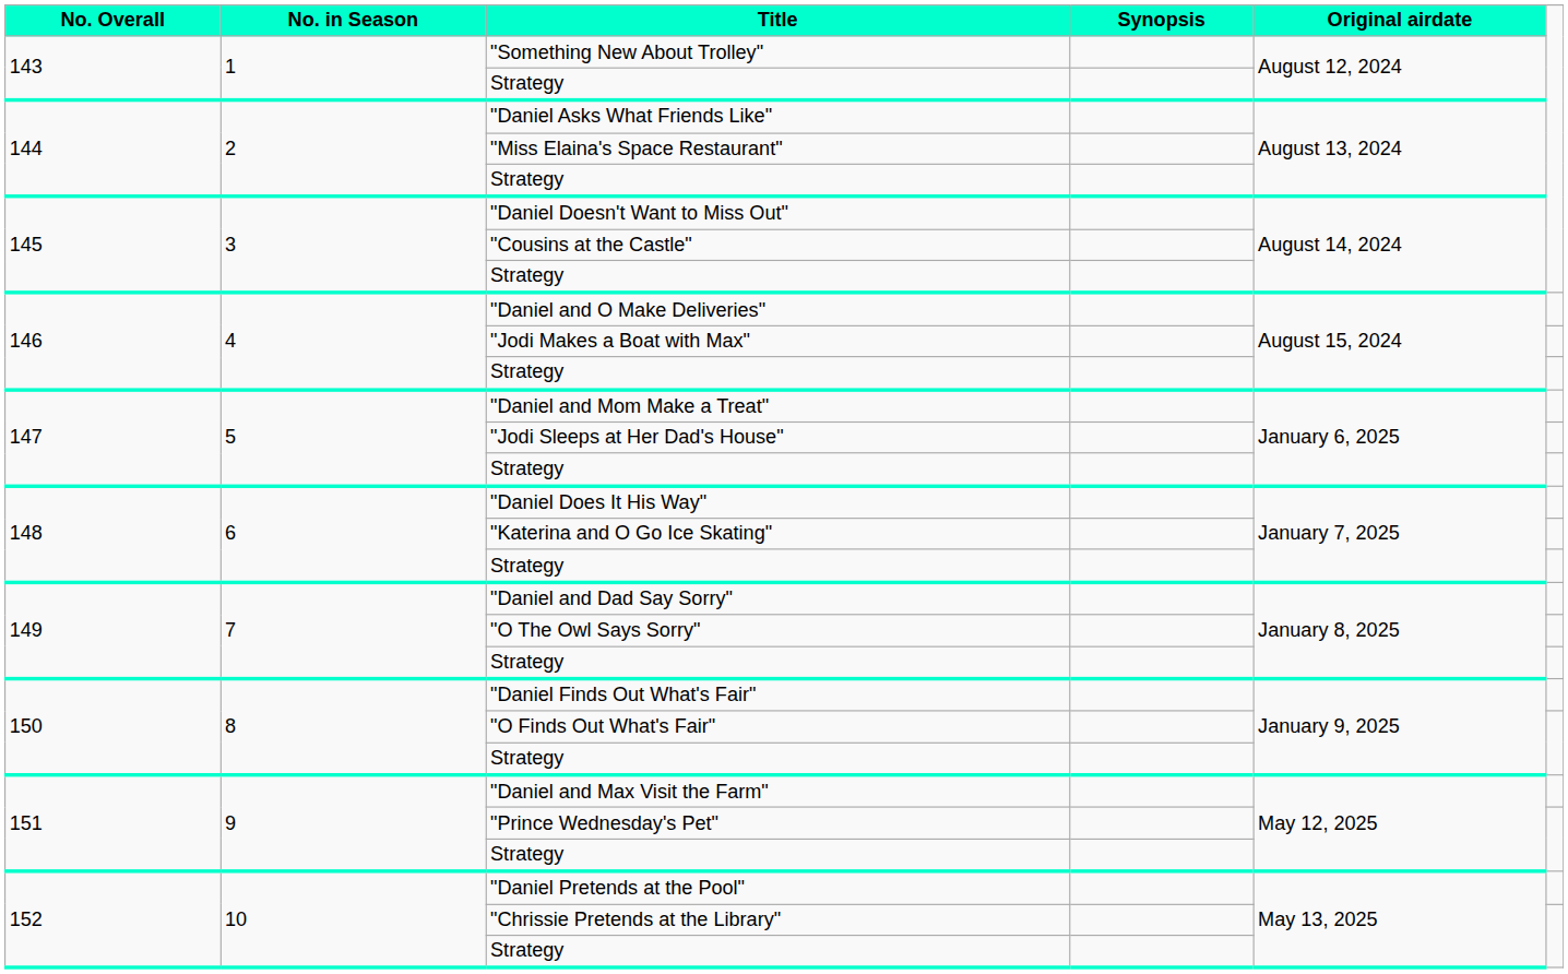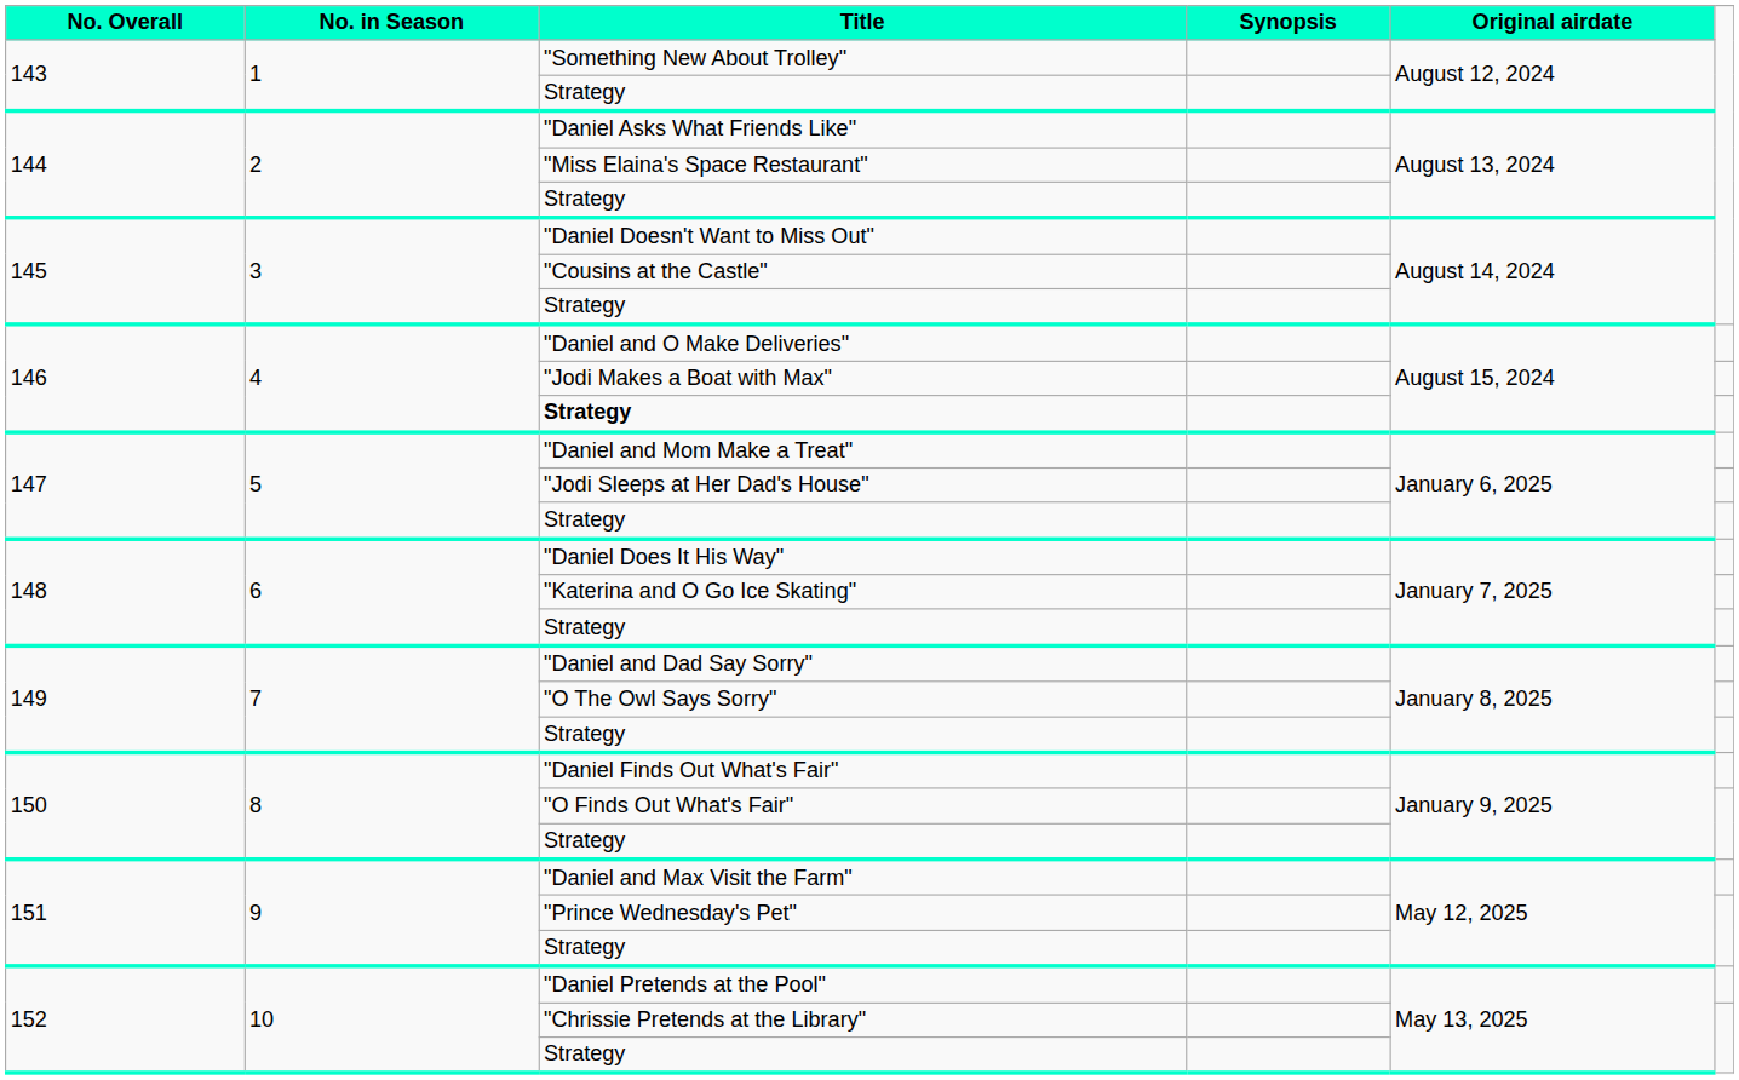 <table style="width:100%;" class="wikitable plainrowheaders">
 <tr>
 <th style="background:#00FFCC;">No. Overall</th>
 <th style="background:#00FFCC;">No. in Season</th>
 <th style="background:#00FFCC;">Title</th>
 <th style="background:#00FFCC;">Synopsis</th>
 <th style="background:#00FFCC;">Original airdate</th>
 </tr>
 <tr>
 <td rowspan="2" style="border-bottom: 3px solid #00FFCC">143</td>
 <td rowspan="2" style="border-bottom: 3px solid #00FFCC">1</td>
 <td style="white-space:nowrap">"Something New About Trolley"</td>
 <td></td>
 <td rowspan="2" style="border-bottom: 3px solid #00FFCC;">August 12, 2024</td>
 </tr>
 <tr>
 <td style="border-bottom: 3px solid #00FFCC;">Strategy</td>
 <td style="border-bottom: 3px solid #00FFCC;"></td>
 </tr>
 <tr>
 <td rowspan="3" style="border-bottom: 3px solid #00FFCC">144</td>
 <td rowspan="3" style="border-bottom: 3px solid #00FFCC">2</td>
 <td style="white-space:nowrap">"Daniel Asks What Friends Like"</td>
 <td></td>
 <td rowspan="3" style="border-bottom: 3px solid #00FFCC;">August 13, 2024</td>
 </tr>
 <tr>
 <td>"Miss Elaina's Space Restaurant"</td>
 <td></td>
 </tr>
 <tr>
 <td style="border-bottom: 3px solid #00FFCC;">Strategy</td>
 <td style="border-bottom: 3px solid #00FFCC;"></td>
 </tr>
 <tr>
 <td rowspan="3" style="border-bottom: 3px solid #00FFCC">145</td>
 <td rowspan="3" style="border-bottom: 3px solid #00FFCC">3</td>
 <td style="white-space:nowrap">"Daniel Doesn't Want to Miss Out"</td>
 <td></td>
 <td rowspan="3" style="border-bottom: 3px solid #00FFCC;">August 14, 2024</td>
 </tr>
 <tr>
 <td>"Cousins at the Castle"</td>
 <td></td>
 </tr>
 <tr>
 <td style="border-bottom: 3px solid #00FFCC;">Strategy</td>
 <td style="border-bottom: 3px solid #00FFCC;"></td>
 </tr>
 <tr>
 <td rowspan="3" style="border-bottom: 3px solid #00FFCC">146</td>
 <td rowspan="3" style="border-bottom: 3px solid #00FFCC">4</td>
 <td style="white-space:nowrap">"Daniel and O Make Deliveries"</td>
 <td></td>
 <td rowspan="3" style="border-bottom: 3px solid #00FFCC;">August 15, 2024</td>
 <td></td>
 </tr>
 <tr>
 <td>"Jodi Makes a Boat with Max"</td>
 <td></td>
 </tr>
 <tr>
-<td style="border-bottom: 3px solid #00FFCC;">Strategy</td>
+<td style="border-bottom: 3px solid #00FFCC;"><strong>Strategy</strong></td>
 <td style="border-bottom: 3px solid #00FFCC;"></td>
 <td></td>
 </tr>
 <tr>
 <td rowspan="3" style="border-bottom: 3px solid #00FFCC">147</td>
 <td rowspan="3" style="border-bottom: 3px solid #00FFCC">5</td>
 <td style="white-space:nowrap">"Daniel and Mom Make a Treat"</td>
 <td></td>
 <td rowspan="3" style="border-bottom: 3px solid #00FFCC;">January 6, 2025</td>
 <td></td>
 </tr>
 <tr>
 <td>"Jodi Sleeps at Her Dad's House"</td>
 <td></td>
 </tr>
 <tr>
 <td style="border-bottom: 3px solid #00FFCC;">Strategy</td>
 <td style="border-bottom: 3px solid #00FFCC;"></td>
 <td></td>
 </tr>
 <tr>
 <td rowspan="3" style="border-bottom: 3px solid #00FFCC">148</td>
 <td rowspan="3" style="border-bottom: 3px solid #00FFCC">6</td>
 <td style="white-space:nowrap">"Daniel Does It His Way"</td>
 <td></td>
 <td rowspan="3" style="border-bottom: 3px solid #00FFCC;">January 7, 2025</td>
 <td></td>
 </tr>
 <tr>
 <td>"Katerina and O Go Ice Skating"</td>
 <td></td>
 </tr>
 <tr>
 <td style="border-bottom: 3px solid #00FFCC;">Strategy</td>
 <td style="border-bottom: 3px solid #00FFCC;"></td>
 <td></td>
 </tr>
 <tr>
 <td rowspan="3" style="border-bottom: 3px solid #00FFCC">149</td>
 <td rowspan="3" style="border-bottom: 3px solid #00FFCC">7</td>
 <td style="white-space:nowrap">"Daniel and Dad Say Sorry"</td>
 <td></td>
 <td rowspan="3" style="border-bottom: 3px solid #00FFCC;">January 8, 2025</td>
 <td></td>
 </tr>
 <tr>
 <td>"O The Owl Says Sorry"</td>
 <td></td>
 </tr>
 <tr>
 <td style="border-bottom: 3px solid #00FFCC;">Strategy</td>
 <td style="border-bottom: 3px solid #00FFCC;"></td>
 <td></td>
 </tr>
 <tr>
 <td rowspan="3" style="border-bottom: 3px solid #00FFCC">150</td>
 <td rowspan="3" style="border-bottom: 3px solid #00FFCC">8</td>
 <td style="white-space:nowrap">"Daniel Finds Out What's Fair"</td>
 <td></td>
 <td rowspan="3" style="border-bottom: 3px solid #00FFCC;">January 9, 2025</td>
 <td></td>
 </tr>
 <tr>
 <td>"O Finds Out What's Fair"</td>
 <td></td>
 </tr>
 <tr>
 <td style="border-bottom: 3px solid #00FFCC;">Strategy</td>
 <td style="border-bottom: 3px solid #00FFCC;"></td>
 </tr>
 <tr>
 <td rowspan="3" style="border-bottom: 3px solid #00FFCC">151</td>
 <td rowspan="3" style="border-bottom: 3px solid #00FFCC">9</td>
 <td style="white-space:nowrap">"Daniel and Max Visit the Farm"</td>
 <td></td>
 <td rowspan="3" style="border-bottom: 3px solid #00FFCC;">May 12, 2025</td>
 <td></td>
 </tr>
 <tr>
 <td>"Prince Wednesday's Pet"</td>
 <td></td>
 </tr>
 <tr>
 <td style="border-bottom: 3px solid #00FFCC;">Strategy</td>
 <td style="border-bottom: 3px solid #00FFCC;"></td>
 </tr>
 <tr>
 <td rowspan="3" style="border-bottom: 3px solid #00FFCC">152</td>
 <td rowspan="3" style="border-bottom: 3px solid #00FFCC">10</td>
 <td style="white-space:nowrap">"Daniel Pretends at the Pool"</td>
 <td></td>
 <td rowspan="3" style="border-bottom: 3px solid #00FFCC;">May 13, 2025</td>
 <td></td>
 </tr>
 <tr>
 <td>"Chrissie Pretends at the Library"</td>
 <td></td>
 </tr>
 <tr>
 <td style="border-bottom: 3px solid #00FFCC;">Strategy</td>
 <td style="border-bottom: 3px solid #00FFCC;"></td>
 </tr>
 </table>
